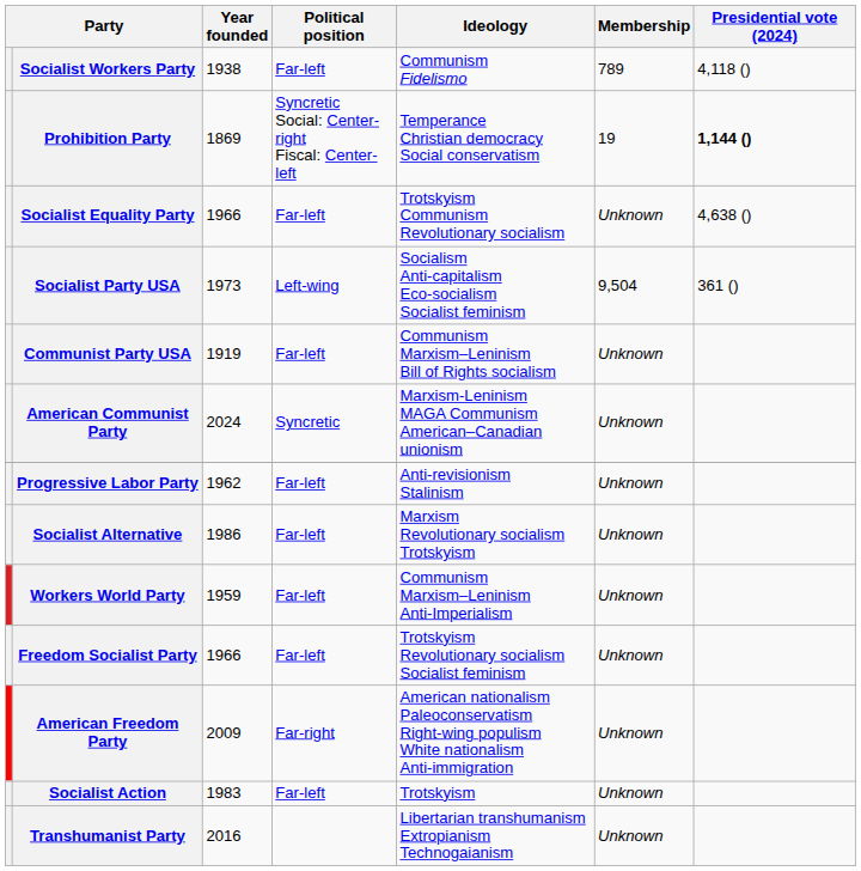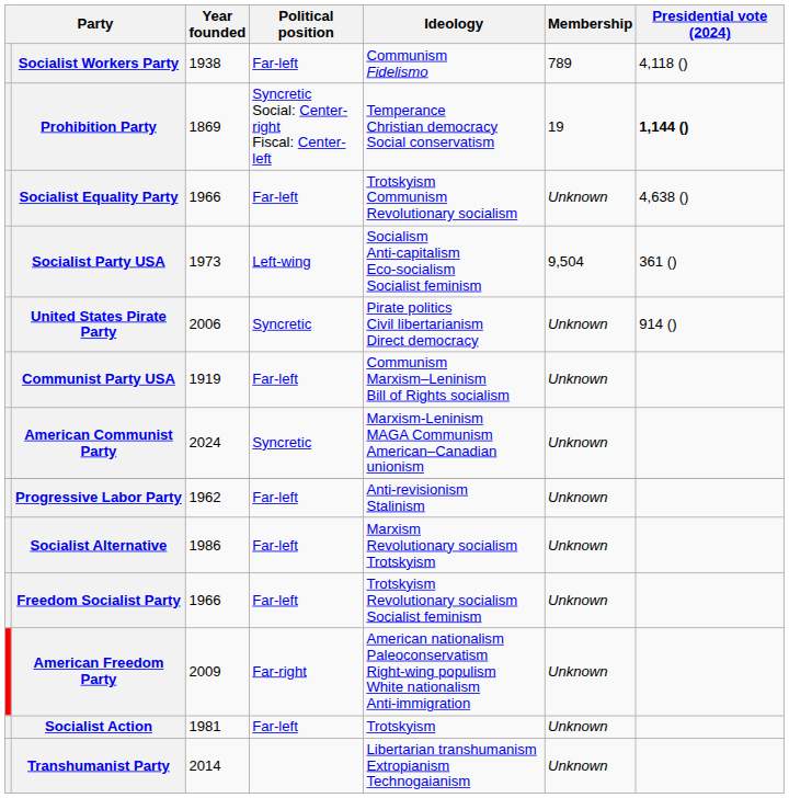 <table class="wikitable sortable plainrowheaders">
 <tr>
 <th scope="col" colspan="2">Party</th>
 <th scope="col">Year<br>founded</th>
 <th>Political position</th>
 <th scope="col">Ideology</th>
 <th scope="col">Membership</th>
 <th scope="col" data-sort-type="number"><a href='#'>Presidential vote (2024)</a></th>
 </tr>
 <tr>
 <th style="background-color:"></th>
 <th><a href='#'>Socialist Workers Party</a></th>
 <td>1938</td>
 <td><a href='#'>Far-left</a></td>
 <td><a href='#'>Communism</a><br><em><a href='#'>Fidelismo</a></em></td>
 <td>789</td>
 <td>4,118 ()</td>
 </tr>
 <tr>
 <th style="background-color:"></th>
 <th><a href='#'>Prohibition Party</a></th>
 <td>1869</td>
 <td><a href='#'>Syncretic</a><br>Social: <a href='#'>Center-right</a><br>Fiscal: <a href='#'>Center-left</a></td>
 <td><a href='#'>Temperance</a><br><a href='#'>Christian democracy</a><br><a href='#'>Social conservatism</a></td>
 <td>19</td>
 <td><strong>1,144 ()</strong></td>
 </tr>
 <tr>
 <th style="background-color:"></th>
 <th><a href='#'>Socialist Equality Party</a></th>
 <td>1966</td>
 <td><a href='#'>Far-left</a></td>
 <td><a href='#'>Trotskyism</a><br><a href='#'>Communism</a><br><a href='#'>Revolutionary socialism</a></td>
 <td><em>Unknown</em></td>
 <td>4,638 ()</td>
 </tr>
 <tr>
 <th style="background-color:"></th>
 <th><a href='#'>Socialist Party USA</a></th>
 <td>1973</td>
 <td><a href='#'>Left-wing</a></td>
 <td><a href='#'>Socialism</a><br><a href='#'>Anti-capitalism</a><br><a href='#'>Eco-socialism</a><br><a href='#'>Socialist feminism</a></td>
 <td>9,504</td>
 <td>361 ()</td>
 </tr>
 <tr>
 <th style="background-color:"></th>
+<th><a href='#'>United States Pirate Party</a></th>
+<td>2006</td>
+<td><a href='#'>Syncretic</a></td>
+<td><a href='#'>Pirate politics</a><br><a href='#'>Civil libertarianism</a><br><a href='#'>Direct democracy</a></td>
+<td><em>Unknown</em></td>
+<td>914 ()</td>
+</tr>
+<tr>
+<th style="background-color:"></th>
 <th><a href='#'>Communist Party USA</a></th>
 <td>1919</td>
 <td><a href='#'>Far-left</a></td>
 <td><a href='#'>Communism</a><br><a href='#'>Marxism–Leninism</a><br><a href='#'>Bill of Rights socialism</a></td>
 <td><em>Unknown</em></td>
 <td></td>
 </tr>
 <tr>
 <th style="background-color:"></th>
 <th><a href='#'>American Communist Party</a></th>
 <td>2024</td>
 <td><a href='#'>Syncretic</a></td>
 <td><a href='#'>Marxism-Leninism</a><br><a href='#'>MAGA Communism</a><br><a href='#'>American–Canadian unionism</a></td>
 <td><em>Unknown</em></td>
 <td></td>
 </tr>
 <tr>
 </tr>
 <tr>
 <th style="background-color:"></th>
 <th><a href='#'>Progressive Labor Party</a></th>
 <td>1962</td>
 <td><a href='#'>Far-left</a></td>
 <td><a href='#'>Anti-revisionism</a><br><a href='#'>Stalinism</a></td>
 <td><em>Unknown</em></td>
 <td></td>
 </tr>
 <tr>
 <th style="background-color:"></th>
 <th><a href='#'>Socialist Alternative</a></th>
 <td>1986</td>
 <td><a href='#'>Far-left</a></td>
 <td><a href='#'>Marxism</a><br><a href='#'>Revolutionary socialism</a><br><a href='#'>Trotskyism</a></td>
 <td><em>Unknown</em></td>
 <td></td>
 </tr>
 <tr>
-<th style="background-color:#df1e23"></th>
-<th><a href='#'>Workers World Party</a></th>
-<td>1959</td>
-<td><a href='#'>Far-left</a></td>
-<td><a href='#'>Communism</a><br><a href='#'>Marxism–Leninism</a><br><a href='#'>Anti-Imperialism</a></td>
-<td><em>Unknown</em></td>
-<td></td>
-</tr>
-<tr>
 <th style="background-color:"></th>
 <th><a href='#'>Freedom Socialist Party</a></th>
 <td>1966</td>
 <td><a href='#'>Far-left</a></td>
 <td><a href='#'>Trotskyism</a><br><a href='#'>Revolutionary socialism</a><br><a href='#'>Socialist feminism</a></td>
 <td><em>Unknown</em></td>
 <td></td>
 </tr>
 <tr>
 <th style="background-color:#FF0000"></th>
 <th><a href='#'>American Freedom Party</a></th>
 <td>2009</td>
 <td><a href='#'>Far-right</a></td>
 <td><a href='#'>American nationalism</a><br><a href='#'>Paleoconservatism</a><br><a href='#'>Right-wing populism</a><br><a href='#'>White nationalism</a><br><a href='#'>Anti-immigration</a></td>
 <td><em>Unknown</em></td>
 <td></td>
 </tr>
 <tr>
 <th style="background-color:"></th>
 <th><a href='#'>Socialist Action</a></th>
-<td>1983</td>
+<td>1981</td>
 <td><a href='#'>Far-left</a></td>
 <td><a href='#'>Trotskyism</a></td>
 <td><em>Unknown</em></td>
 <td></td>
 </tr>
 <tr>
 <th style="background-color:"></th>
 <th><a href='#'>Transhumanist Party</a></th>
-<td>2016</td>
+<td>2014</td>
 <td></td>
 <td><a href='#'>Libertarian transhumanism</a><br><a href='#'>Extropianism</a><br><a href='#'>Technogaianism</a></td>
 <td><em>Unknown</em></td>
 <td></td>
 </tr>
 </table>
